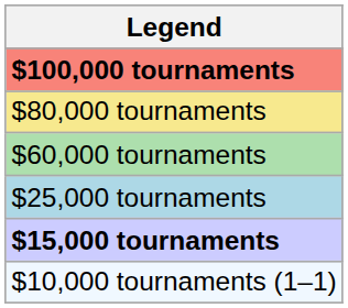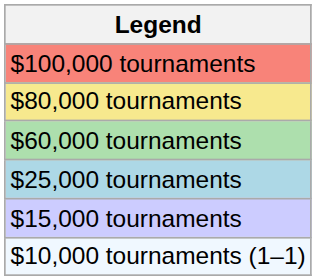 <table class=wikitable style="font-size:90%;">
 <tr>
 <th>Legend</th>
 </tr>
 <tr bgcolor=f88379>
-<td><strong>$100,000 tournaments</strong></td>
+<td>$100,000 tournaments</td>
 </tr>
 <tr bgcolor=f7e98e>
 <td>$80,000 tournaments</td>
 </tr>
 <tr bgcolor=addfad>
 <td>$60,000 tournaments</td>
 </tr>
 <tr bgcolor=lightblue>
 <td>$25,000 tournaments</td>
 </tr>
 <tr bgcolor=#ccf>
-<td><strong>$15,000 tournaments</strong></td>
+<td>$15,000 tournaments</td>
 </tr>
 <tr bgcolor=#f0f8ff>
 <td>$10,000 tournaments (1–1)</td>
 </tr>
 </table>
